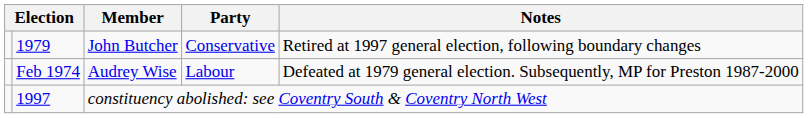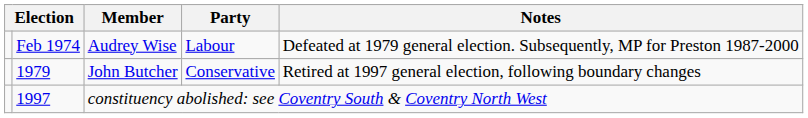 <table class="wikitable">
 <tr>
 <th colspan="2">Election</th>
 <th>Member</th>
 <th>Party</th>
 <th>Notes</th>
 </tr>
 <tr>
 <td style="color:inherit;background-color: "></td>
+<td><a href='#'>Feb 1974</a></td>
+<td><a href='#'>Audrey Wise</a></td>
+<td><a href='#'>Labour</a></td>
+<td>Defeated at 1979 general election.  Subsequently, MP for Preston 1987-2000</td>
+</tr>
+<tr>
+<td style="color:inherit;background-color: "></td>
 <td><a href='#'>1979</a></td>
 <td><a href='#'>John Butcher</a></td>
 <td><a href='#'>Conservative</a></td>
 <td>Retired at 1997 general election, following boundary changes</td>
-</tr>
-<tr>
-<td style="color:inherit;background-color: "></td>
-<td><a href='#'>Feb 1974</a></td>
-<td><a href='#'>Audrey Wise</a></td>
-<td><a href='#'>Labour</a></td>
-<td>Defeated at 1979 general election.  Subsequently, MP for Preston 1987-2000</td>
 </tr>
 <tr>
 <td></td>
 <td><a href='#'>1997</a></td>
 <td colspan="3"><em>constituency abolished: see <a href='#'>Coventry South</a> & <a href='#'>Coventry North West</a></em></td>
 </tr>
 </table>
